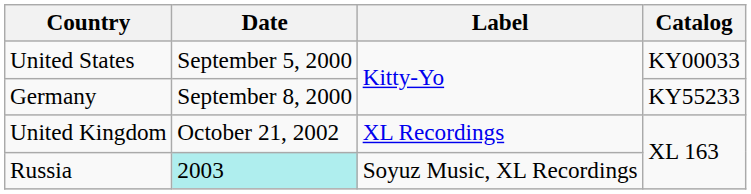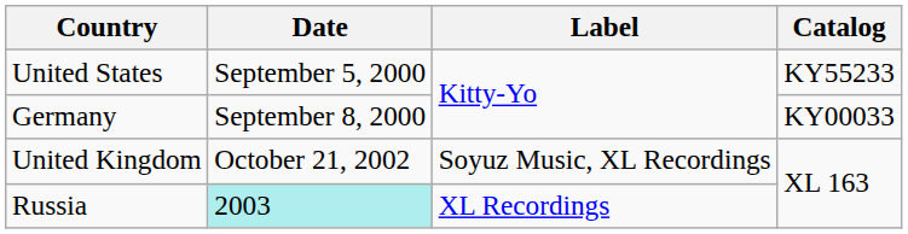 <table class="wikitable">
 <tr>
 <th>Country</th>
 <th>Date</th>
 <th>Label</th>
 <th>Catalog</th>
 </tr>
 <tr>
 <td>United States</td>
 <td>September 5, 2000</td>
 <td rowspan="2"><a href='#'>Kitty-Yo</a></td>
-<td>KY00033</td>
+<td>KY55233</td>
 </tr>
 <tr>
 <td>Germany</td>
 <td>September 8, 2000</td>
-<td>KY55233</td>
+<td>KY00033</td>
 </tr>
 <tr>
 <td>United Kingdom</td>
 <td>October 21, 2002</td>
-<td><a href='#'>XL Recordings</a></td>
+<td>Soyuz Music, XL Recordings</td>
 <td rowspan="2">XL 163</td>
 </tr>
 <tr>
 <td>Russia</td>
 <td style="background: paleturquoise;">2003</td>
-<td>Soyuz Music, XL Recordings</td>
+<td><a href='#'>XL Recordings</a></td>
 </tr>
 </table>
